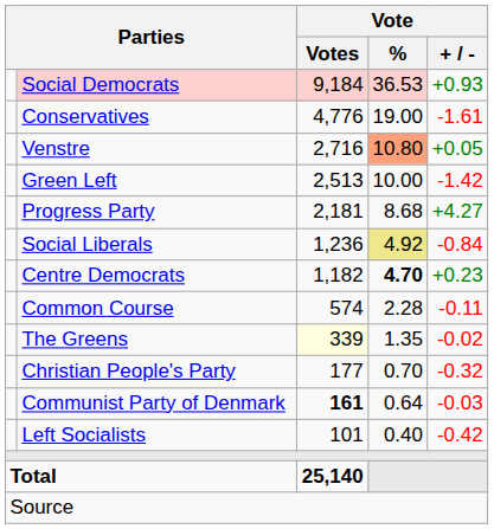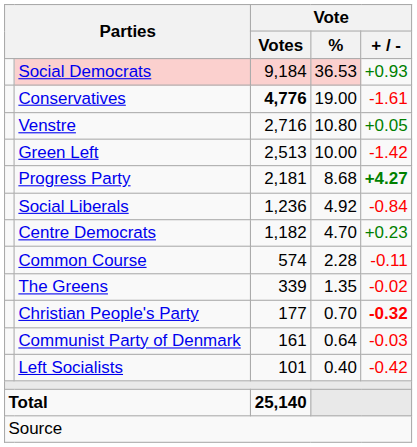 <table class="wikitable" style="text-align:right;">
 <tr>
 <th style="text-align:centre;" rowspan="2" colspan="2" width="225">Parties</th>
 <th colspan="3">Vote</th>
 </tr>
 <tr>
 <th width="15">Votes</th>
 <th width="15">%</th>
 <th width="15">+ / -</th>
 </tr>
 <tr>
 <td width="2" style="color:inherit;background:"></td>
 <td bgcolor=#fbd0ce  align="left"><a href='#'>Social Democrats</a></td>
 <td bgcolor=#fbd0ce>9,184</td>
 <td bgcolor=#fbd0ce>36.53</td>
 <td style=color:green;>+0.93</td>
 </tr>
 <tr>
 <td width="2" style="color:inherit;background:"></td>
 <td align="left"><a href='#'>Conservatives</a></td>
-<td>4,776</td>
+<td><strong>4,776</strong></td>
 <td>19.00</td>
 <td style=color:red;>-1.61</td>
 </tr>
 <tr>
 <td width="2" style="color:inherit;background:"></td>
 <td align="left"><a href='#'>Venstre</a></td>
 <td>2,716</td>
-<td style="background: lightsalmon;">10.80</td>
+<td>10.80</td>
 <td style=color:green;>+0.05</td>
 </tr>
 <tr>
 <td width="2" style="color:inherit;background:"></td>
 <td align="left"><a href='#'>Green Left</a></td>
 <td>2,513</td>
 <td>10.00</td>
 <td style=color:red;>-1.42</td>
 </tr>
 <tr>
 <td width="2" style="color:inherit;background:"></td>
 <td align="left"><a href='#'>Progress Party</a></td>
 <td>2,181</td>
 <td>8.68</td>
-<td style=color:green;>+4.27</td>
+<td style=color:green;><strong>+4.27</strong></td>
 </tr>
 <tr>
 <td width="2" style="color:inherit;background:"></td>
 <td align="left"><a href='#'>Social Liberals</a></td>
 <td>1,236</td>
-<td style="background: khaki;">4.92</td>
+<td>4.92</td>
 <td style=color:red;>-0.84</td>
 </tr>
 <tr>
 <td width="2" style="color:inherit;background:"></td>
 <td align="left"><a href='#'>Centre Democrats</a></td>
 <td>1,182</td>
-<td><strong>4.70</strong></td>
+<td>4.70</td>
 <td style=color:green;>+0.23</td>
 </tr>
 <tr>
 <td width="2" style="color:inherit;background:"></td>
 <td align="left"><a href='#'>Common Course</a></td>
 <td>574</td>
 <td>2.28</td>
 <td style=color:red;>-0.11</td>
 </tr>
 <tr>
 <td width="2" style="color:inherit;background:"></td>
 <td align="left"><a href='#'>The Greens</a></td>
-<td style="background: lightyellow;">339</td>
+<td>339</td>
 <td>1.35</td>
 <td style=color:red;>-0.02</td>
 </tr>
 <tr>
 <td width="2" style="color:inherit;background:"></td>
 <td align="left"><a href='#'>Christian People's Party</a></td>
 <td>177</td>
 <td>0.70</td>
-<td style=color:red;>-0.32</td>
+<td style=color:red;><strong>-0.32</strong></td>
 </tr>
 <tr>
 <td width="2" style="color:inherit;background:"></td>
 <td align="left"><a href='#'>Communist Party of Denmark</a></td>
-<td><strong>161</strong></td>
+<td>161</td>
 <td>0.64</td>
 <td style=color:red;>-0.03</td>
 </tr>
 <tr>
 <td width="2" style="color:inherit;background:"></td>
 <td align="left"><a href='#'>Left Socialists</a></td>
 <td>101</td>
 <td>0.40</td>
 <td style=color:red;>-0.42</td>
 </tr>
 <tr>
 <td colspan="7" bgcolor="#E9E9E9"></td>
 </tr>
 <tr>
 <td align="left" colspan="2"><strong>Total</strong></td>
 <td><strong>25,140</strong></td>
 <td bgcolor="#E9E9E9" colspan="2"></td>
 </tr>
 <tr>
 <td align="left" colspan="6">Source</td>
 </tr>
 </table>
